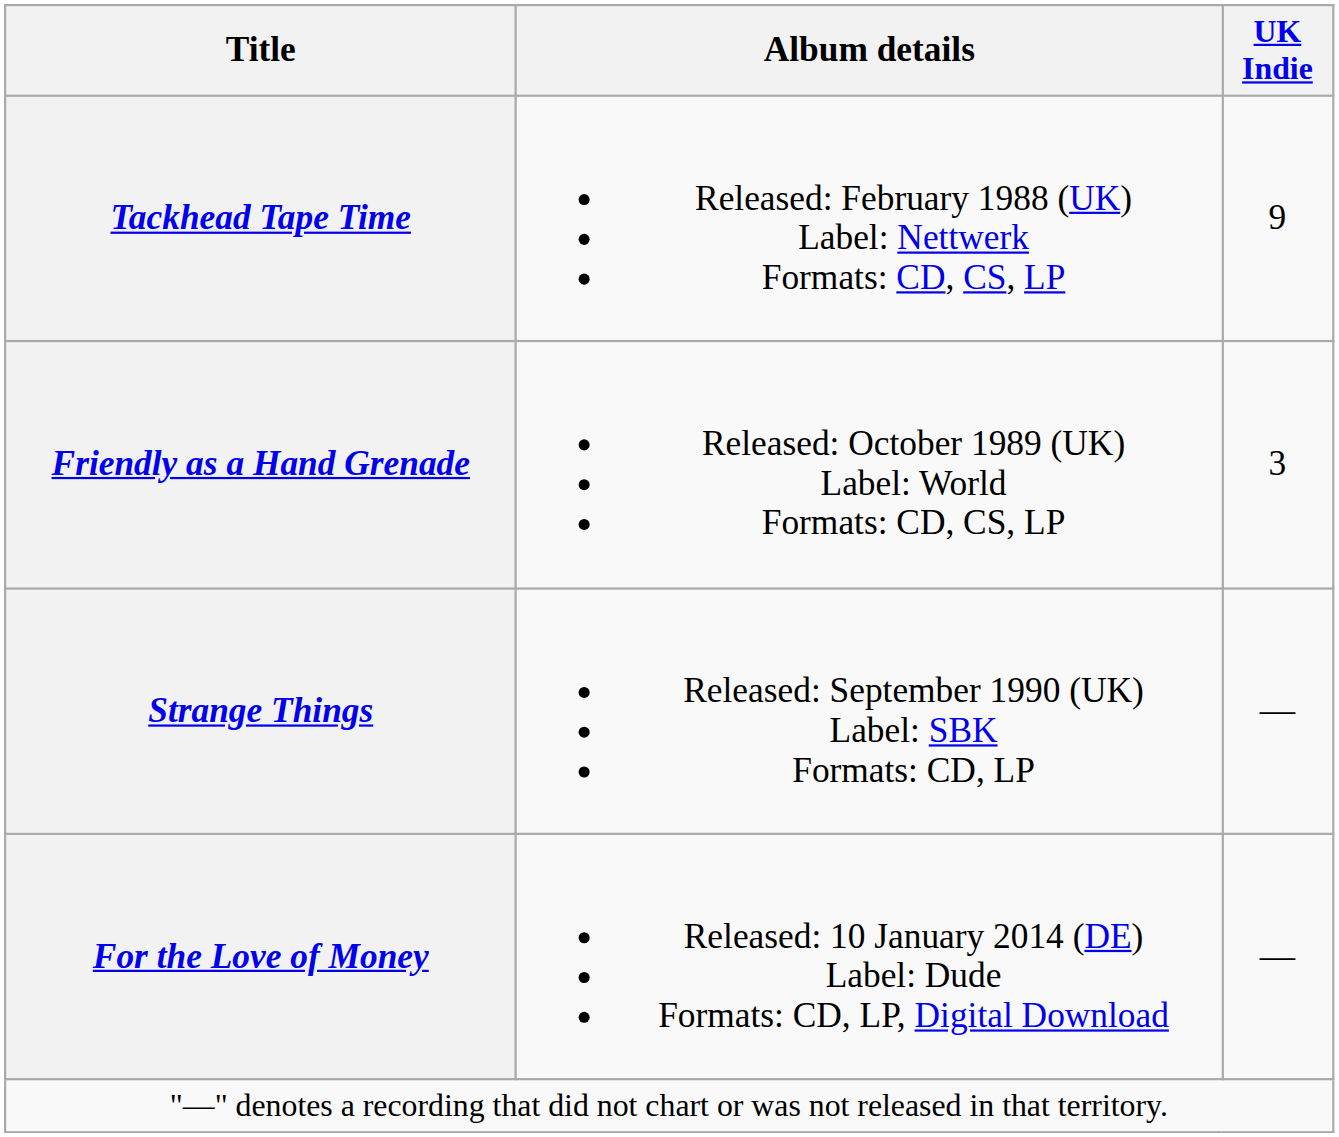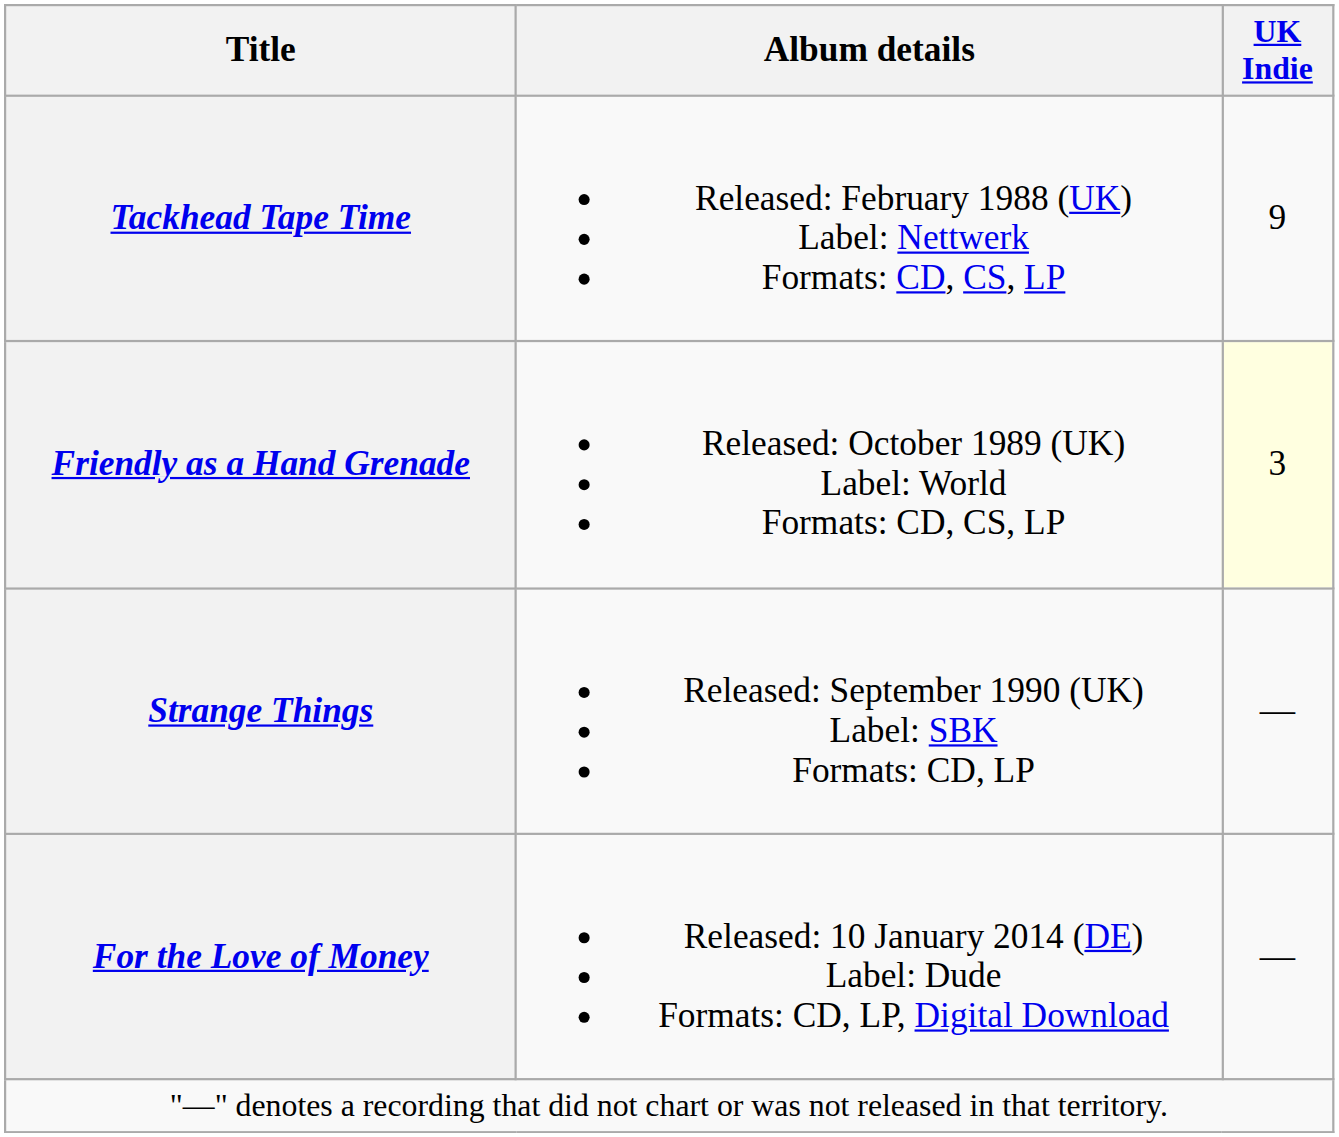 <table class="wikitable plainrowheaders" style="text-align:center;">
 <tr>
 <th scope="col" rowspan="1" style="width:14em;">Title</th>
 <th scope="col" rowspan="1" style="width:19.5em;">Album details</th>
 <th scope="col" rowspan="1" style="width:3em;font-size:90%;"><a href='#'>UK Indie</a><br></th>
 </tr>
 <tr>
 <th scope="row"><em><a href='#'>Tackhead Tape Time</a></em></th>
 <td><br><ul><li>Released: February 1988 <span>(<a href='#'>UK</a>)</span></li><li>Label: <a href='#'>Nettwerk</a></li><li>Formats: <a href='#'>CD</a>, <a href='#'>CS</a>, <a href='#'>LP</a></li></ul></td>
 <td>9</td>
 </tr>
 <tr>
 <th scope="row"><em><a href='#'>Friendly as a Hand Grenade</a></em></th>
 <td><br><ul><li>Released: October 1989 <span>(UK)</span></li><li>Label: World</li><li>Formats: CD, CS, LP</li></ul></td>
-<td>3</td>
+<td style="background: lightyellow;">3</td>
 </tr>
 <tr>
 <th scope="row"><em><a href='#'>Strange Things</a></em></th>
 <td><br><ul><li>Released: September 1990 <span>(UK)</span></li><li>Label: <a href='#'>SBK</a></li><li>Formats: CD, LP</li></ul></td>
 <td>—</td>
 </tr>
 <tr>
 <th scope="row"><em><a href='#'>For the Love of Money</a></em></th>
 <td><br><ul><li>Released: 10 January 2014 <span>(<a href='#'>DE</a>)</span></li><li>Label: Dude</li><li>Formats: CD, LP, <a href='#'>Digital Download</a></li></ul></td>
 <td>—</td>
 </tr>
 <tr>
 <td colspan="6" style="font-size:90%">"—" denotes a recording that did not chart or was not released in that territory.</td>
 </tr>
 </table>
